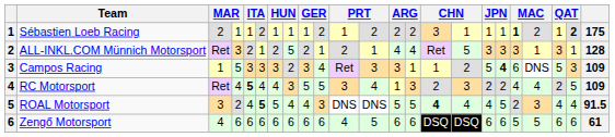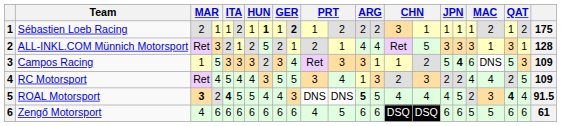 <table align=left| class="wikitable" style="font-size: 85%; text-align: center">
 <tr valign="top">
 <th valign=middle></th>
 <th valign=middle>Team</th>
 <th colspan=2><a href='#'>MAR</a><br></th>
 <th colspan=2><a href='#'>ITA</a><br></th>
 <th colspan=2><a href='#'>HUN</a><br></th>
 <th colspan=2><a href='#'>GER</a><br></th>
 <th colspan=2><a href='#'>PRT</a><br></th>
 <th colspan=2><a href='#'>ARG</a><br></th>
 <th colspan=2><a href='#'>CHN</a><br></th>
 <th colspan=2><a href='#'>JPN</a><br></th>
 <th colspan=2><a href='#'>MAC</a><br></th>
 <th colspan=2><a href='#'>QAT</a><br></th>
 <th valign=middle>  </th>
 </tr>
 <tr>
 <th>1</th>
 <td align=left> <a href='#'>Sébastien Loeb Racing</a></td>
 <td style="background:#dfdfdf;">2</td>
 <td style="background:#ffffbf;">1</td>
 <td style="background:#ffffbf;">1</td>
 <td style="background:#dfdfdf;">2</td>
 <td style="background:#ffffbf;">1</td>
+<td style="background:#ffffbf;"><strong>1</strong></td>
 <td style="background:#ffffbf;">1</td>
-<td style="background:#ffffbf;">1</td>
-<td style="background:#dfdfdf;">2</td>
+<td style="background:#dfdfdf;"><strong>2</strong></td>
 <td style="background:#ffffbf;">1</td>
 <td style="background:#dfdfdf;">2</td>
 <td style="background:#dfdfdf;">2</td>
 <td style="background:#dfdfdf;">2</td>
 <td style="background:#ffdf9f;">3</td>
 <td style="background:#ffffbf;">1</td>
 <td style="background:#ffffbf;">1</td>
 <td style="background:#ffffbf;">1</td>
-<td style="background:#ffffbf;"><strong>1</strong></td>
+<td style="background:#ffffbf;">1</td>
 <td style="background:#dfdfdf;">2</td>
 <td style="background:#ffffbf;">1</td>
-<td style="background:#dfdfdf;"><strong>2</strong></td>
+<td style="background:#dfdfdf;">2</td>
 <th>175</th>
 </tr>
 <tr>
 <th>2</th>
 <td align=left> <a href='#'>ALL-INKL.COM Münnich Motorsport</a></td>
 <td style="background:#efcfff;">Ret</td>
 <td style="background:#ffdf9f;">3</td>
 <td style="background:#dfdfdf;">2</td>
 <td style="background:#ffffbf;">1</td>
 <td style="background:#dfdfdf;">2</td>
 <td style="background:#dfffdf;">5</td>
 <td style="background:#dfdfdf;">2</td>
 <td style="background:#ffffbf;">1</td>
 <td style="background:#dfdfdf;">2</td>
 <td style="background:#ffffbf;">1</td>
 <td style="background:#dfffdf;">4</td>
 <td style="background:#dfffdf;">4</td>
 <td style="background:#efcfff;">Ret</td>
 <td style="background:#dfffdf;">5</td>
 <td style="background:#ffdf9f;">3</td>
 <td style="background:#ffdf9f;">3</td>
 <td style="background:#ffdf9f;">3</td>
 <td style="background:#ffffbf;">1</td>
 <td style="background:#ffdf9f;">3</td>
 <td style="background:#ffffbf;">1</td>
 <th>128</th>
 </tr>
 <tr>
 <th>3</th>
 <td align=left> <a href='#'>Campos Racing</a></td>
 <td style="background:#ffffbf;">1</td>
 <td style="background:#dfffdf;">5</td>
 <td style="background:#ffdf9f;">3</td>
 <td style="background:#ffdf9f;">3</td>
 <td style="background:#ffdf9f;">3</td>
 <td style="background:#dfdfdf;">2</td>
 <td style="background:#ffdf9f;">3</td>
 <td style="background:#dfffdf;">4</td>
 <td style="background:#efcfff;">Ret</td>
 <td style="background:#ffdf9f;">3</td>
 <td style="background:#ffdf9f;">3</td>
 <td style="background:#ffffbf;">1</td>
 <td style="background:#ffffbf;">1</td>
 <td style="background:#dfdfdf;">2</td>
 <td style="background:#dfffdf;">5</td>
 <td style="background:#dfffdf;"><strong>4</strong></td>
 <td style="background:#dfffdf;">6</td>
 <td style="background:#ffffff;">DNS</td>
 <td style="background:#dfffdf;">5</td>
 <td style="background:#ffdf9f;">3</td>
 <th>109</th>
 </tr>
 <tr>
 <th>4</th>
 <td align=left> <a href='#'>RC Motorsport</a></td>
 <td style="background:#efcfff;">Ret</td>
 <td style="background:#dfffdf;">4</td>
-<td style="background:#dfffdf;"><strong>5</strong></td>
+<td style="background:#dfffdf;">5</td>
 <td style="background:#dfffdf;">4</td>
 <td style="background:#dfffdf;">4</td>
 <td style="background:#ffdf9f;">3</td>
 <td style="background:#dfffdf;">5</td>
 <td style="background:#dfffdf;">5</td>
 <td style="background:#ffdf9f;">3</td>
 <td style="background:#dfffdf;">4</td>
 <td style="background:#ffffbf;">1</td>
 <td style="background:#ffdf9f;">3</td>
 <td style="background:#dfdfdf;">2</td>
 <td style="background:#ffdf9f;">3</td>
 <td style="background:#dfdfdf;">2</td>
 <td style="background:#dfdfdf;">2</td>
 <td style="background:#dfffdf;">4</td>
 <td style="background:#dfffdf;">4</td>
 <td style="background:#dfdfdf;">2</td>
 <td style="background:#dfffdf;">5</td>
 <th>109</th>
 </tr>
 <tr>
 <th>5</th>
 <td align=left> <a href='#'>ROAL Motorsport</a></td>
-<td style="background:#ffdf9f;">3</td>
+<td style="background:#ffdf9f;"><strong>3</strong></td>
 <td style="background:#dfdfdf;">2</td>
-<td style="background:#dfffdf;">4</td>
-<td style="background:#dfffdf;"><strong>5</strong></td>
+<td style="background:#dfffdf;"><strong>4</strong></td>
+<td style="background:#dfffdf;">5</td>
 <td style="background:#dfffdf;">5</td>
 <td style="background:#dfffdf;">4</td>
 <td style="background:#dfffdf;">4</td>
 <td style="background:#ffdf9f;">3</td>
 <td style="background:#ffffff;">DNS</td>
 <td style="background:#ffffff;">DNS</td>
+<td style="background:#dfffdf;"><strong>5</strong></td>
 <td style="background:#dfffdf;">5</td>
-<td style="background:#dfffdf;">5</td>
-<td style="background:#dfffdf;"><strong>4</strong></td>
+<td style="background:#dfffdf;">4</td>
 <td style="background:#dfffdf;">4</td>
 <td style="background:#dfffdf;">4</td>
 <td style="background:#dfffdf;">5</td>
 <td style="background:#dfdfdf;">2</td>
 <td style="background:#ffdf9f;">3</td>
-<td style="background:#dfffdf;">4</td>
+<td style="background:#dfffdf;"><strong>4</strong></td>
 <td style="background:#dfffdf;">4</td>
 <th>91.5</th>
 </tr>
 <tr>
 <th>6</th>
 <td align=left> <a href='#'>Zengő Motorsport</a></td>
 <td style="background:#dfffdf;">4</td>
 <td style="background:#dfffdf;">6</td>
 <td style="background:#dfffdf;">6</td>
 <td style="background:#dfffdf;">6</td>
 <td style="background:#dfffdf;">6</td>
 <td style="background:#dfffdf;">6</td>
 <td style="background:#dfffdf;">6</td>
 <td style="background:#dfffdf;">6</td>
 <td style="background:#dfffdf;">4</td>
 <td style="background:#dfffdf;">5</td>
 <td style="background:#dfffdf;">6</td>
 <td style="background:#dfffdf;">6</td>
 <td style="background:#000000; color:white">DSQ</td>
 <td style="background:#000000; color:white">DSQ</td>
 <td style="background:#dfffdf;">6</td>
 <td style="background:#dfffdf;">6</td>
 <td style="background:#dfffdf;">5</td>
 <td style="background:#dfffdf;">5</td>
 <td style="background:#dfffdf;">6</td>
 <td style="background:#dfffdf;">6</td>
 <th>61</th>
 </tr>
 </table>
